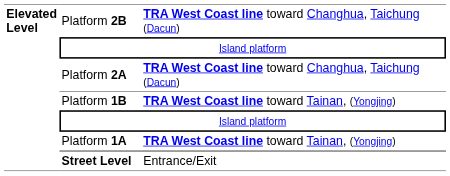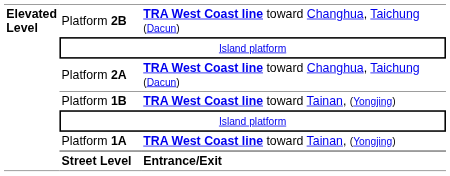 <table border=0 cellspacing=0 cellpadding=3>
 <tr>
 <td style="border-bottom:solid 1px gray;border-top:solid 1px gray;" rowspan=38 valign=top><strong>Elevated<br>Level</strong></td>
 <td style="border-top:solid 1px gray;" width=100>Platform <span><strong>2B</strong></span></td>
 <td style="border-top:solid 1px gray;" width=390><a href='#'><span><strong>TRA West Coast line</strong></span></a> toward <a href='#'>Changhua</a>, <a href='#'>Taichung</a> <small>(<a href='#'>Dacun</a>)</small></td>
 </tr>
 <tr>
 <td style="border-top:solid 2px black;border-right:solid 2px black;border-left:solid 2px black;border-bottom:solid 2px black;text-align:center;" colspan=2><small><a href='#'>Island platform</a></small></td>
 </tr>
 <tr>
 <td style="border-bottom:solid 1px gray;">Platform <span><strong>2A</strong></span></td>
 <td style="border-bottom:solid 1px gray;"><a href='#'><span><strong>TRA West Coast line</strong></span></a> toward <a href='#'>Changhua</a>, <a href='#'>Taichung</a> <small>(<a href='#'>Dacun</a>)</small></td>
 </tr>
 <tr>
 <td style="border-top:solid 0px gray;" width=100>Platform <span><strong>1B</strong></span></td>
 <td style="border-top:solid 0px gray;" width=390><a href='#'><span><strong>TRA West Coast line</strong></span></a> toward <a href='#'>Tainan</a>,  <small>(<a href='#'>Yongjing</a>)</small></td>
 </tr>
 <tr>
 <td style="border-top:solid 2px black;border-right:solid 2px black;border-left:solid 2px black;border-bottom:solid 2px black;text-align:center;" colspan=2><small><a href='#'>Island platform</a></small></td>
 </tr>
 <tr>
 <td style="border-bottom:solid 1px gray;">Platform <span><strong>1A</strong></span></td>
 <td style="border-bottom:solid 1px gray;"><a href='#'><span><strong>TRA West Coast line</strong></span></a> toward <a href='#'>Tainan</a>,  <small>(<a href='#'>Yongjing</a>)</small></td>
 </tr>
 <tr>
 <td style="border-bottom:solid 1px gray;border-top:solid 1px gray;" width=50 rowspan=5 valign=top><strong>Street Level</strong></td>
-<td style="border-top:solid 1px gray;border-bottom:solid 1px gray;" width=390 valign=top>Entrance/Exit</td>
+<td style="border-top:solid 1px gray;border-bottom:solid 1px gray;" width=390 valign=top><strong>Entrance/Exit</strong></td>
 </tr>
 </table>
